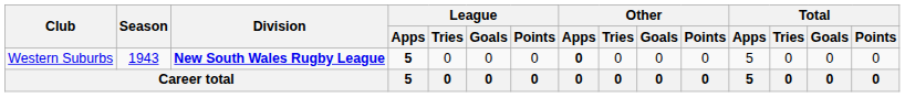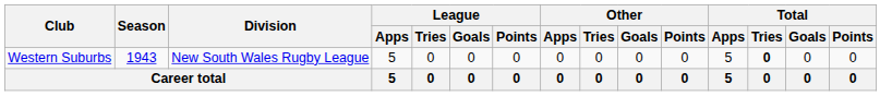 <table class="wikitable" style="text-align:center;">
 <tr>
 <th rowspan="2">Club</th>
 <th rowspan="2">Season</th>
 <th rowspan="2">Division</th>
 <th colspan="4">League</th>
 <th colspan="4">Other</th>
 <th colspan="4">Total</th>
 </tr>
 <tr>
 <th>Apps</th>
 <th>Tries</th>
 <th>Goals</th>
 <th>Points</th>
 <th>Apps</th>
 <th>Tries</th>
 <th>Goals</th>
 <th>Points</th>
 <th>Apps</th>
 <th>Tries</th>
 <th>Goals</th>
 <th>Points</th>
 </tr>
 <tr>
 <td><a href='#'>Western Suburbs</a></td>
 <td><a href='#'>1943</a></td>
-<td><strong><a href='#'>New South Wales Rugby League</a></strong></td>
-<td><strong>5</strong></td>
+<td><a href='#'>New South Wales Rugby League</a></td>
+<td>5</td>
 <td>0</td>
 <td>0</td>
 <td>0</td>
-<td><strong>0</strong></td>
+<td>0</td>
 <td>0</td>
 <td>0</td>
 <td>0</td>
 <td>5</td>
-<td>0</td>
+<td><strong>0</strong></td>
 <td>0</td>
 <td>0</td>
 </tr>
 <tr>
 <th colspan="3">Career total</th>
 <th>5</th>
 <th>0</th>
 <th>0</th>
 <th>0</th>
 <th>0</th>
 <th>0</th>
 <th>0</th>
 <th>0</th>
 <th>5</th>
 <th>0</th>
 <th>0</th>
 <th>0</th>
 </tr>
 </table>
